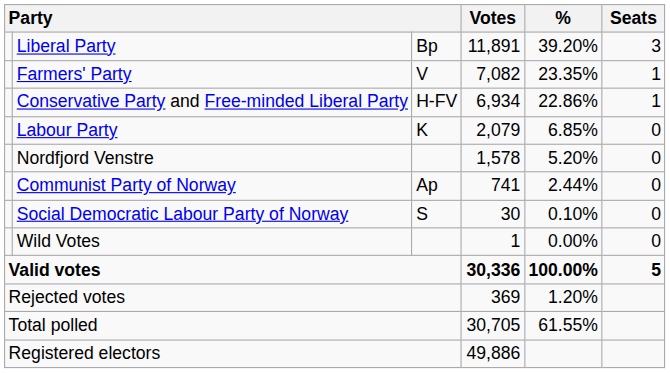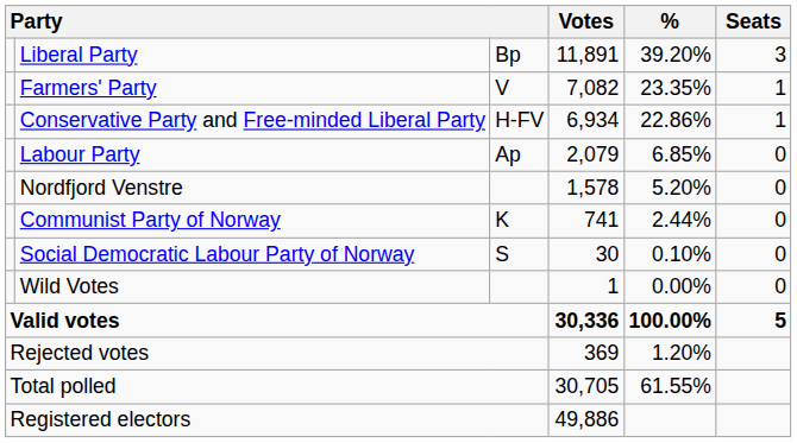 <table class="wikitable" border="1" style="text-align:right;">
 <tr>
 <th style="text-align:left;" colspan=3>Party</th>
 <th align=center width="50">Votes</th>
 <th align=center width="50">%</th>
 <th align=center width="50">Seats</th>
 </tr>
 <tr>
 <td style="color:inherit;background:"></td>
 <td align=left><a href='#'>Liberal Party</a></td>
 <td align=left>Bp</td>
 <td>11,891</td>
 <td>39.20%</td>
 <td>3</td>
 </tr>
 <tr>
 <td style="color:inherit;background:"></td>
 <td align=left><a href='#'>Farmers' Party</a></td>
 <td align=left>V</td>
 <td>7,082</td>
 <td>23.35%</td>
 <td>1</td>
 </tr>
 <tr>
 <td></td>
 <td align=left><a href='#'>Conservative Party</a> and <a href='#'>Free-minded Liberal Party</a></td>
 <td align=left>H-FV</td>
 <td>6,934</td>
 <td>22.86%</td>
 <td>1</td>
 </tr>
 <tr>
 <td style="color:inherit;background:"></td>
 <td align=left><a href='#'>Labour Party</a></td>
-<td align=left>K</td>
+<td align=left>Ap</td>
 <td>2,079</td>
 <td>6.85%</td>
 <td>0</td>
 </tr>
 <tr>
 <td></td>
 <td align=left>Nordfjord Venstre</td>
 <td align=left></td>
 <td>1,578</td>
 <td>5.20%</td>
 <td>0</td>
 </tr>
 <tr>
 <td style="color:inherit;background:"></td>
 <td align=left><a href='#'>Communist Party of Norway</a></td>
-<td align=left>Ap</td>
+<td align=left>K</td>
 <td>741</td>
 <td>2.44%</td>
 <td>0</td>
 </tr>
 <tr>
 <td style="color:inherit;background:"></td>
 <td align=left><a href='#'>Social Democratic Labour Party of Norway</a></td>
 <td align=left>S</td>
 <td>30</td>
 <td>0.10%</td>
 <td>0</td>
 </tr>
 <tr>
 <td></td>
 <td align=left>Wild Votes</td>
 <td align=left></td>
 <td>1</td>
 <td>0.00%</td>
 <td>0</td>
 </tr>
 <tr style="font-weight:bold">
 <td align=left colspan=3>Valid votes</td>
 <td>30,336</td>
 <td>100.00%</td>
 <td>5</td>
 </tr>
 <tr>
 <td align=left colspan=3>Rejected votes</td>
 <td>369</td>
 <td>1.20%</td>
 <td></td>
 </tr>
 <tr>
 <td align=left colspan=3>Total polled</td>
 <td>30,705</td>
 <td>61.55%</td>
 <td></td>
 </tr>
 <tr>
 <td align=left colspan=3>Registered electors</td>
 <td>49,886</td>
 <td></td>
 <td></td>
 </tr>
 </table>
